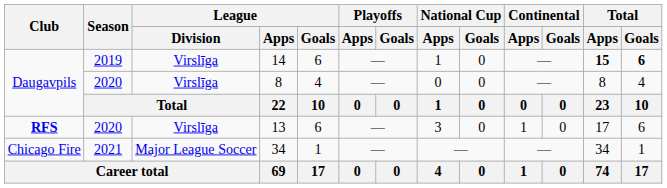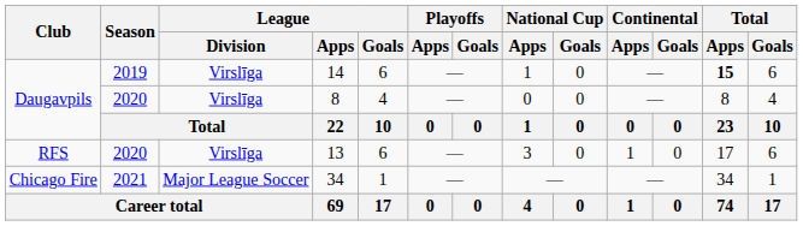 <table class=wikitable style=text-align:center>
 <tr>
 <th rowspan=2>Club</th>
 <th rowspan=2>Season</th>
 <th colspan=3>League</th>
 <th colspan=2>Playoffs</th>
 <th colspan=2>National Cup</th>
 <th colspan=2>Continental</th>
 <th colspan=2>Total</th>
 </tr>
 <tr>
 <th>Division</th>
 <th>Apps</th>
 <th>Goals</th>
 <th>Apps</th>
 <th>Goals</th>
 <th>Apps</th>
 <th>Goals</th>
 <th>Apps</th>
 <th>Goals</th>
 <th>Apps</th>
 <th>Goals</th>
 </tr>
 <tr>
 <td rowspan=3><a href='#'>Daugavpils</a></td>
 <td><a href='#'>2019</a></td>
 <td><a href='#'>Virslīga</a></td>
 <td>14</td>
 <td>6</td>
 <td colspan=2>—</td>
 <td>1</td>
 <td>0</td>
 <td colspan=2>—</td>
 <td><strong>15</strong></td>
-<td><strong>6</strong></td>
+<td>6</td>
 </tr>
 <tr>
 <td><a href='#'>2020</a></td>
 <td><a href='#'>Virslīga</a></td>
 <td>8</td>
 <td>4</td>
 <td colspan=2>—</td>
 <td>0</td>
 <td>0</td>
 <td colspan=2>—</td>
 <td>8</td>
 <td>4</td>
 </tr>
 <tr>
 <th colspan=2>Total</th>
 <th>22</th>
 <th>10</th>
 <th>0</th>
 <th>0</th>
 <th>1</th>
 <th>0</th>
 <th>0</th>
 <th>0</th>
 <th>23</th>
 <th>10</th>
 </tr>
 <tr>
-<td rowspan=1><strong><a href='#'>RFS</a></strong></td>
+<td rowspan=1><a href='#'>RFS</a></td>
 <td><a href='#'>2020</a></td>
 <td><a href='#'>Virslīga</a></td>
 <td>13</td>
 <td>6</td>
 <td colspan=2>—</td>
 <td>3</td>
 <td>0</td>
 <td>1</td>
 <td>0</td>
 <td>17</td>
 <td>6</td>
 </tr>
 <tr>
 <td rowspan=1><a href='#'>Chicago Fire</a></td>
 <td><a href='#'>2021</a></td>
 <td><a href='#'>Major League Soccer</a></td>
 <td>34</td>
 <td>1</td>
 <td colspan=2>—</td>
 <td colspan=2>—</td>
 <td colspan=2>—</td>
 <td>34</td>
 <td>1</td>
 </tr>
 <tr>
 <th colspan=3>Career total</th>
 <th>69</th>
 <th>17</th>
 <th>0</th>
 <th>0</th>
 <th>4</th>
 <th>0</th>
 <th>1</th>
 <th>0</th>
 <th>74</th>
 <th>17</th>
 </tr>
 </table>
